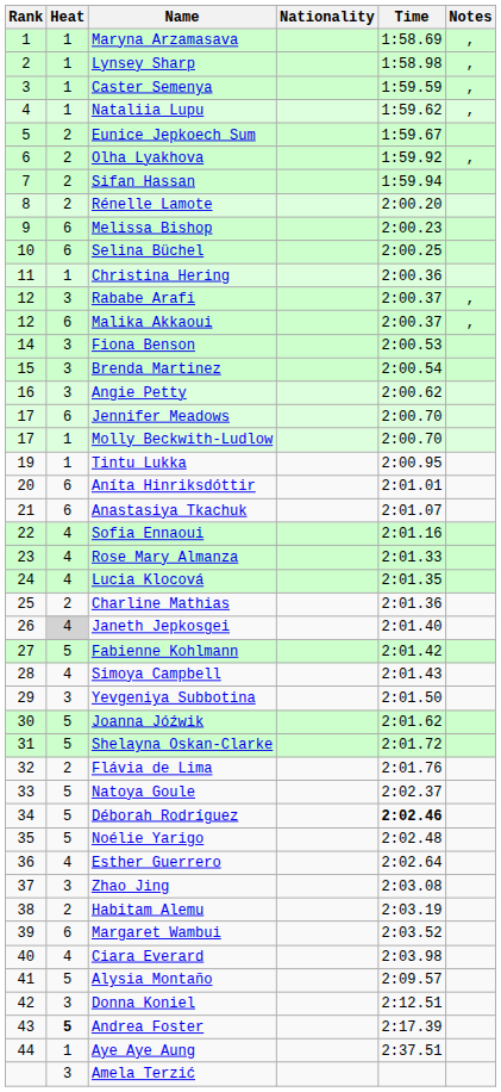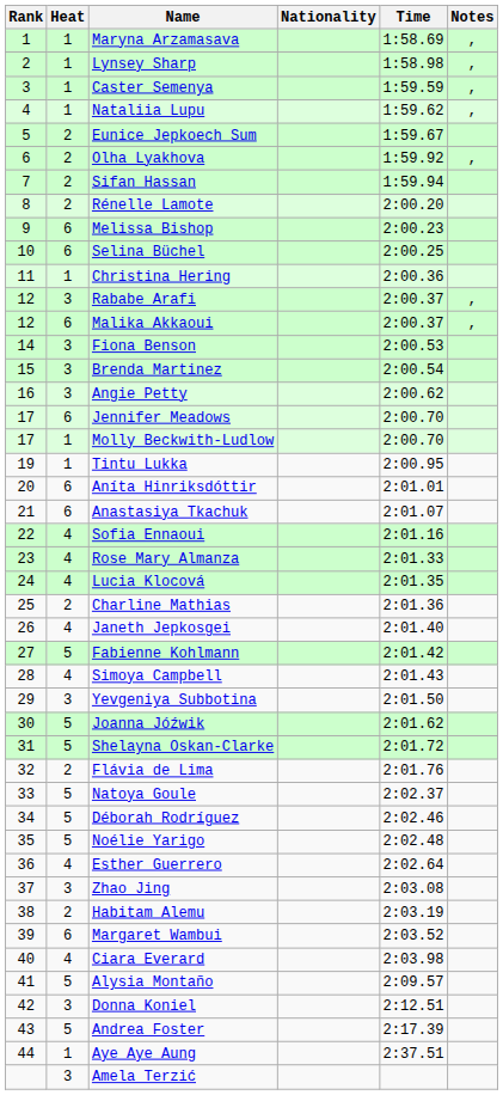 <table class="wikitable sortable" style="text-align:center">
 <tr>
 <th>Rank</th>
 <th>Heat</th>
 <th>Name</th>
 <th>Nationality</th>
 <th>Time</th>
 <th>Notes</th>
 </tr>
 <tr bgcolor=ccffcc>
 <td>1</td>
 <td>1</td>
 <td align=left><a href='#'>Maryna Arzamasava</a></td>
 <td align=left></td>
 <td>1:58.69</td>
 <td>, </td>
 </tr>
 <tr bgcolor=ccffcc>
 <td>2</td>
 <td>1</td>
 <td align=left><a href='#'>Lynsey Sharp</a></td>
 <td align=left></td>
 <td>1:58.98</td>
 <td>, </td>
 </tr>
 <tr bgcolor=ccffcc>
 <td>3</td>
 <td>1</td>
 <td align=left><a href='#'>Caster Semenya</a></td>
 <td align=left></td>
 <td>1:59.59</td>
 <td>, </td>
 </tr>
 <tr bgcolor=ddffdd>
 <td>4</td>
 <td>1</td>
 <td align=left><a href='#'>Nataliia Lupu</a></td>
 <td align=left></td>
 <td>1:59.62</td>
 <td>, </td>
 </tr>
 <tr bgcolor=ccffcc>
 <td>5</td>
 <td>2</td>
 <td align=left><a href='#'>Eunice Jepkoech Sum</a></td>
 <td align=left></td>
 <td>1:59.67</td>
 <td></td>
 </tr>
 <tr bgcolor=ccffcc>
 <td>6</td>
 <td>2</td>
 <td align=left><a href='#'>Olha Lyakhova</a></td>
 <td align=left></td>
 <td>1:59.92</td>
 <td>, </td>
 </tr>
 <tr bgcolor=ccffcc>
 <td>7</td>
 <td>2</td>
 <td align=left><a href='#'>Sifan Hassan</a></td>
 <td align=left></td>
 <td>1:59.94</td>
 <td></td>
 </tr>
 <tr bgcolor=ddffdd>
 <td>8</td>
 <td>2</td>
 <td align=left><a href='#'>Rénelle Lamote</a></td>
 <td align=left></td>
 <td>2:00.20</td>
 <td></td>
 </tr>
 <tr bgcolor=ccffcc>
 <td>9</td>
 <td>6</td>
 <td align=left><a href='#'>Melissa Bishop</a></td>
 <td align=left></td>
 <td>2:00.23</td>
 <td></td>
 </tr>
 <tr bgcolor=ccffcc>
 <td>10</td>
 <td>6</td>
 <td align=left><a href='#'>Selina Büchel</a></td>
 <td align=left></td>
 <td>2:00.25</td>
 <td></td>
 </tr>
 <tr bgcolor=ddffdd>
 <td>11</td>
 <td>1</td>
 <td align=left><a href='#'>Christina Hering</a></td>
 <td align=left></td>
 <td>2:00.36</td>
 <td></td>
 </tr>
 <tr bgcolor=ccffcc>
 <td>12</td>
 <td>3</td>
 <td align=left><a href='#'>Rababe Arafi</a></td>
 <td align=left></td>
 <td>2:00.37</td>
 <td>, </td>
 </tr>
 <tr bgcolor=ccffcc>
 <td>12</td>
 <td>6</td>
 <td align=left><a href='#'>Malika Akkaoui</a></td>
 <td align=left></td>
 <td>2:00.37</td>
 <td>, </td>
 </tr>
 <tr bgcolor=ccffcc>
 <td>14</td>
 <td>3</td>
 <td align=left><a href='#'>Fiona Benson</a></td>
 <td align=left></td>
 <td>2:00.53</td>
 <td></td>
 </tr>
 <tr bgcolor=ccffcc>
 <td>15</td>
 <td>3</td>
 <td align=left><a href='#'>Brenda Martinez</a></td>
 <td align=left></td>
 <td>2:00.54</td>
 <td></td>
 </tr>
 <tr bgcolor=ddffdd>
 <td>16</td>
 <td>3</td>
 <td align=left><a href='#'>Angie Petty</a></td>
 <td align=left></td>
 <td>2:00.62</td>
 <td></td>
 </tr>
 <tr bgcolor=ddffdd>
 <td>17</td>
 <td>6</td>
 <td align=left><a href='#'>Jennifer Meadows</a></td>
 <td align=left></td>
 <td>2:00.70</td>
 <td></td>
 </tr>
 <tr bgcolor=ddffdd>
 <td>17</td>
 <td>1</td>
 <td align=left><a href='#'>Molly Beckwith-Ludlow</a></td>
 <td align=left></td>
 <td>2:00.70</td>
 <td></td>
 </tr>
 <tr>
 <td>19</td>
 <td>1</td>
 <td align=left><a href='#'>Tintu Lukka</a></td>
 <td align=left></td>
 <td>2:00.95</td>
 <td></td>
 </tr>
 <tr>
 <td>20</td>
 <td>6</td>
 <td align=left><a href='#'>Aníta Hinriksdóttir</a></td>
 <td align=left></td>
 <td>2:01.01</td>
 <td></td>
 </tr>
 <tr>
 <td>21</td>
 <td>6</td>
 <td align=left><a href='#'>Anastasiya Tkachuk</a></td>
 <td align=left></td>
 <td>2:01.07</td>
 <td></td>
 </tr>
 <tr bgcolor=ccffcc>
 <td>22</td>
 <td>4</td>
 <td align=left><a href='#'>Sofia Ennaoui</a></td>
 <td align=left></td>
 <td>2:01.16</td>
 <td></td>
 </tr>
 <tr bgcolor=ccffcc>
 <td>23</td>
 <td>4</td>
 <td align=left><a href='#'>Rose Mary Almanza</a></td>
 <td align=left></td>
 <td>2:01.33</td>
 <td></td>
 </tr>
 <tr bgcolor=ccffcc>
 <td>24</td>
 <td>4</td>
 <td align=left><a href='#'>Lucia Klocová</a></td>
 <td align=left></td>
 <td>2:01.35</td>
 <td></td>
 </tr>
 <tr>
 <td>25</td>
 <td>2</td>
 <td align=left><a href='#'>Charline Mathias</a></td>
 <td align=left></td>
 <td>2:01.36</td>
 <td></td>
 </tr>
 <tr>
 <td>26</td>
-<td style="background: lightgrey;">4</td>
+<td>4</td>
 <td align=left><a href='#'>Janeth Jepkosgei</a></td>
 <td align=left></td>
 <td>2:01.40</td>
 <td></td>
 </tr>
 <tr bgcolor=ccffcc>
 <td>27</td>
 <td>5</td>
 <td align=left><a href='#'>Fabienne Kohlmann</a></td>
 <td align=left></td>
 <td>2:01.42</td>
 <td></td>
 </tr>
 <tr>
 <td>28</td>
 <td>4</td>
 <td align=left><a href='#'>Simoya Campbell</a></td>
 <td align=left></td>
 <td>2:01.43</td>
 <td></td>
 </tr>
 <tr>
 <td>29</td>
 <td>3</td>
 <td align=left><a href='#'>Yevgeniya Subbotina</a></td>
 <td align=left></td>
 <td>2:01.50</td>
 <td></td>
 </tr>
 <tr bgcolor=ccffcc>
 <td>30</td>
 <td>5</td>
 <td align=left><a href='#'>Joanna Jóźwik</a></td>
 <td align=left></td>
 <td>2:01.62</td>
 <td></td>
 </tr>
 <tr bgcolor=ccffcc>
 <td>31</td>
 <td>5</td>
 <td align=left><a href='#'>Shelayna Oskan-Clarke</a></td>
 <td align=left></td>
 <td>2:01.72</td>
 <td></td>
 </tr>
 <tr>
 <td>32</td>
 <td>2</td>
 <td align=left><a href='#'>Flávia de Lima</a></td>
 <td align=left></td>
 <td>2:01.76</td>
 <td></td>
 </tr>
 <tr>
 <td>33</td>
 <td>5</td>
 <td align=left><a href='#'>Natoya Goule</a></td>
 <td align=left></td>
 <td>2:02.37</td>
 <td></td>
 </tr>
 <tr>
 <td>34</td>
 <td>5</td>
 <td align=left><a href='#'>Déborah Rodríguez</a></td>
 <td align=left></td>
-<td><strong>2:02.46</strong></td>
+<td>2:02.46</td>
 <td></td>
 </tr>
 <tr>
 <td>35</td>
 <td>5</td>
 <td align=left><a href='#'>Noélie Yarigo</a></td>
 <td align=left></td>
 <td>2:02.48</td>
 <td></td>
 </tr>
 <tr>
 <td>36</td>
 <td>4</td>
 <td align=left><a href='#'>Esther Guerrero</a></td>
 <td align=left></td>
 <td>2:02.64</td>
 <td></td>
 </tr>
 <tr>
 <td>37</td>
 <td>3</td>
 <td align=left><a href='#'>Zhao Jing</a></td>
 <td align=left></td>
 <td>2:03.08</td>
 <td></td>
 </tr>
 <tr>
 <td>38</td>
 <td>2</td>
 <td align=left><a href='#'>Habitam Alemu</a></td>
 <td align=left></td>
 <td>2:03.19</td>
 <td></td>
 </tr>
 <tr>
 <td>39</td>
 <td>6</td>
 <td align=left><a href='#'>Margaret Wambui</a></td>
 <td align=left></td>
 <td>2:03.52</td>
 <td></td>
 </tr>
 <tr>
 <td>40</td>
 <td>4</td>
 <td align=left><a href='#'>Ciara Everard</a></td>
 <td align=left></td>
 <td>2:03.98</td>
 <td></td>
 </tr>
 <tr>
 <td>41</td>
 <td>5</td>
 <td align=left><a href='#'>Alysia Montaño</a></td>
 <td align=left></td>
 <td>2:09.57</td>
 <td></td>
 </tr>
 <tr>
 <td>42</td>
 <td>3</td>
 <td align=left><a href='#'>Donna Koniel</a></td>
 <td align=left></td>
 <td>2:12.51</td>
 <td></td>
 </tr>
 <tr>
 <td>43</td>
-<td><strong>5</strong></td>
+<td>5</td>
 <td align=left><a href='#'>Andrea Foster</a></td>
 <td align=left></td>
 <td>2:17.39</td>
 <td></td>
 </tr>
 <tr>
 <td>44</td>
 <td>1</td>
 <td align=left><a href='#'>Aye Aye Aung</a></td>
 <td align=left></td>
 <td>2:37.51</td>
 <td></td>
 </tr>
 <tr>
 <td></td>
 <td>3</td>
 <td align=left><a href='#'>Amela Terzić</a></td>
 <td align=left></td>
 <td></td>
 <td></td>
 </tr>
 </table>
